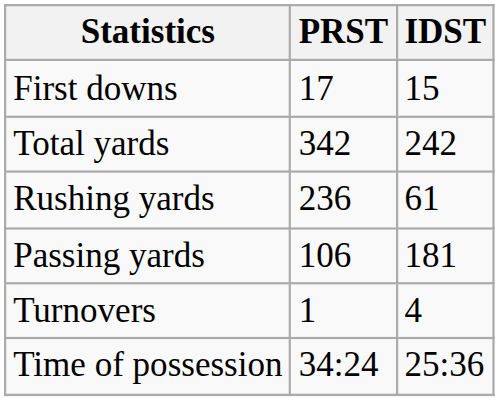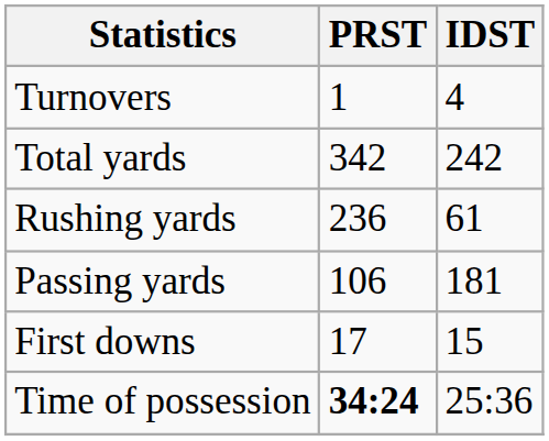 <table class="wikitable" style="float: left;">
 <tr>
 <th>Statistics</th>
 <th>PRST</th>
 <th>IDST</th>
 </tr>
 <tr>
-<td>First downs</td>
-<td>17</td>
-<td>15</td>
+<td>Turnovers</td>
+<td>1</td>
+<td>4</td>
 </tr>
 <tr>
 <td>Total yards</td>
 <td>342</td>
 <td>242</td>
 </tr>
 <tr>
 <td>Rushing yards</td>
 <td>236</td>
 <td>61</td>
 </tr>
 <tr>
 <td>Passing yards</td>
 <td>106</td>
 <td>181</td>
 </tr>
 <tr>
-<td>Turnovers</td>
-<td>1</td>
-<td>4</td>
+<td>First downs</td>
+<td>17</td>
+<td>15</td>
 </tr>
 <tr>
 <td>Time of possession</td>
-<td>34:24</td>
+<td><strong>34:24</strong></td>
 <td>25:36</td>
 </tr>
 <tr>
 </tr>
 </table>
